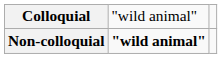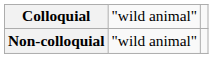 <table class="wikitable">
 <tr>
 <th style="text-align:center;">Colloquial</th>
 <td>  "wild animal"</td>
 <td> </td>
 </tr>
 <tr>
 <th style="text-align:center;">Non-colloquial</th>
-<td><strong>  "wild animal"</strong></td>
+<td>  "wild animal"</td>
 <td> </td>
 </tr>
 </table>
